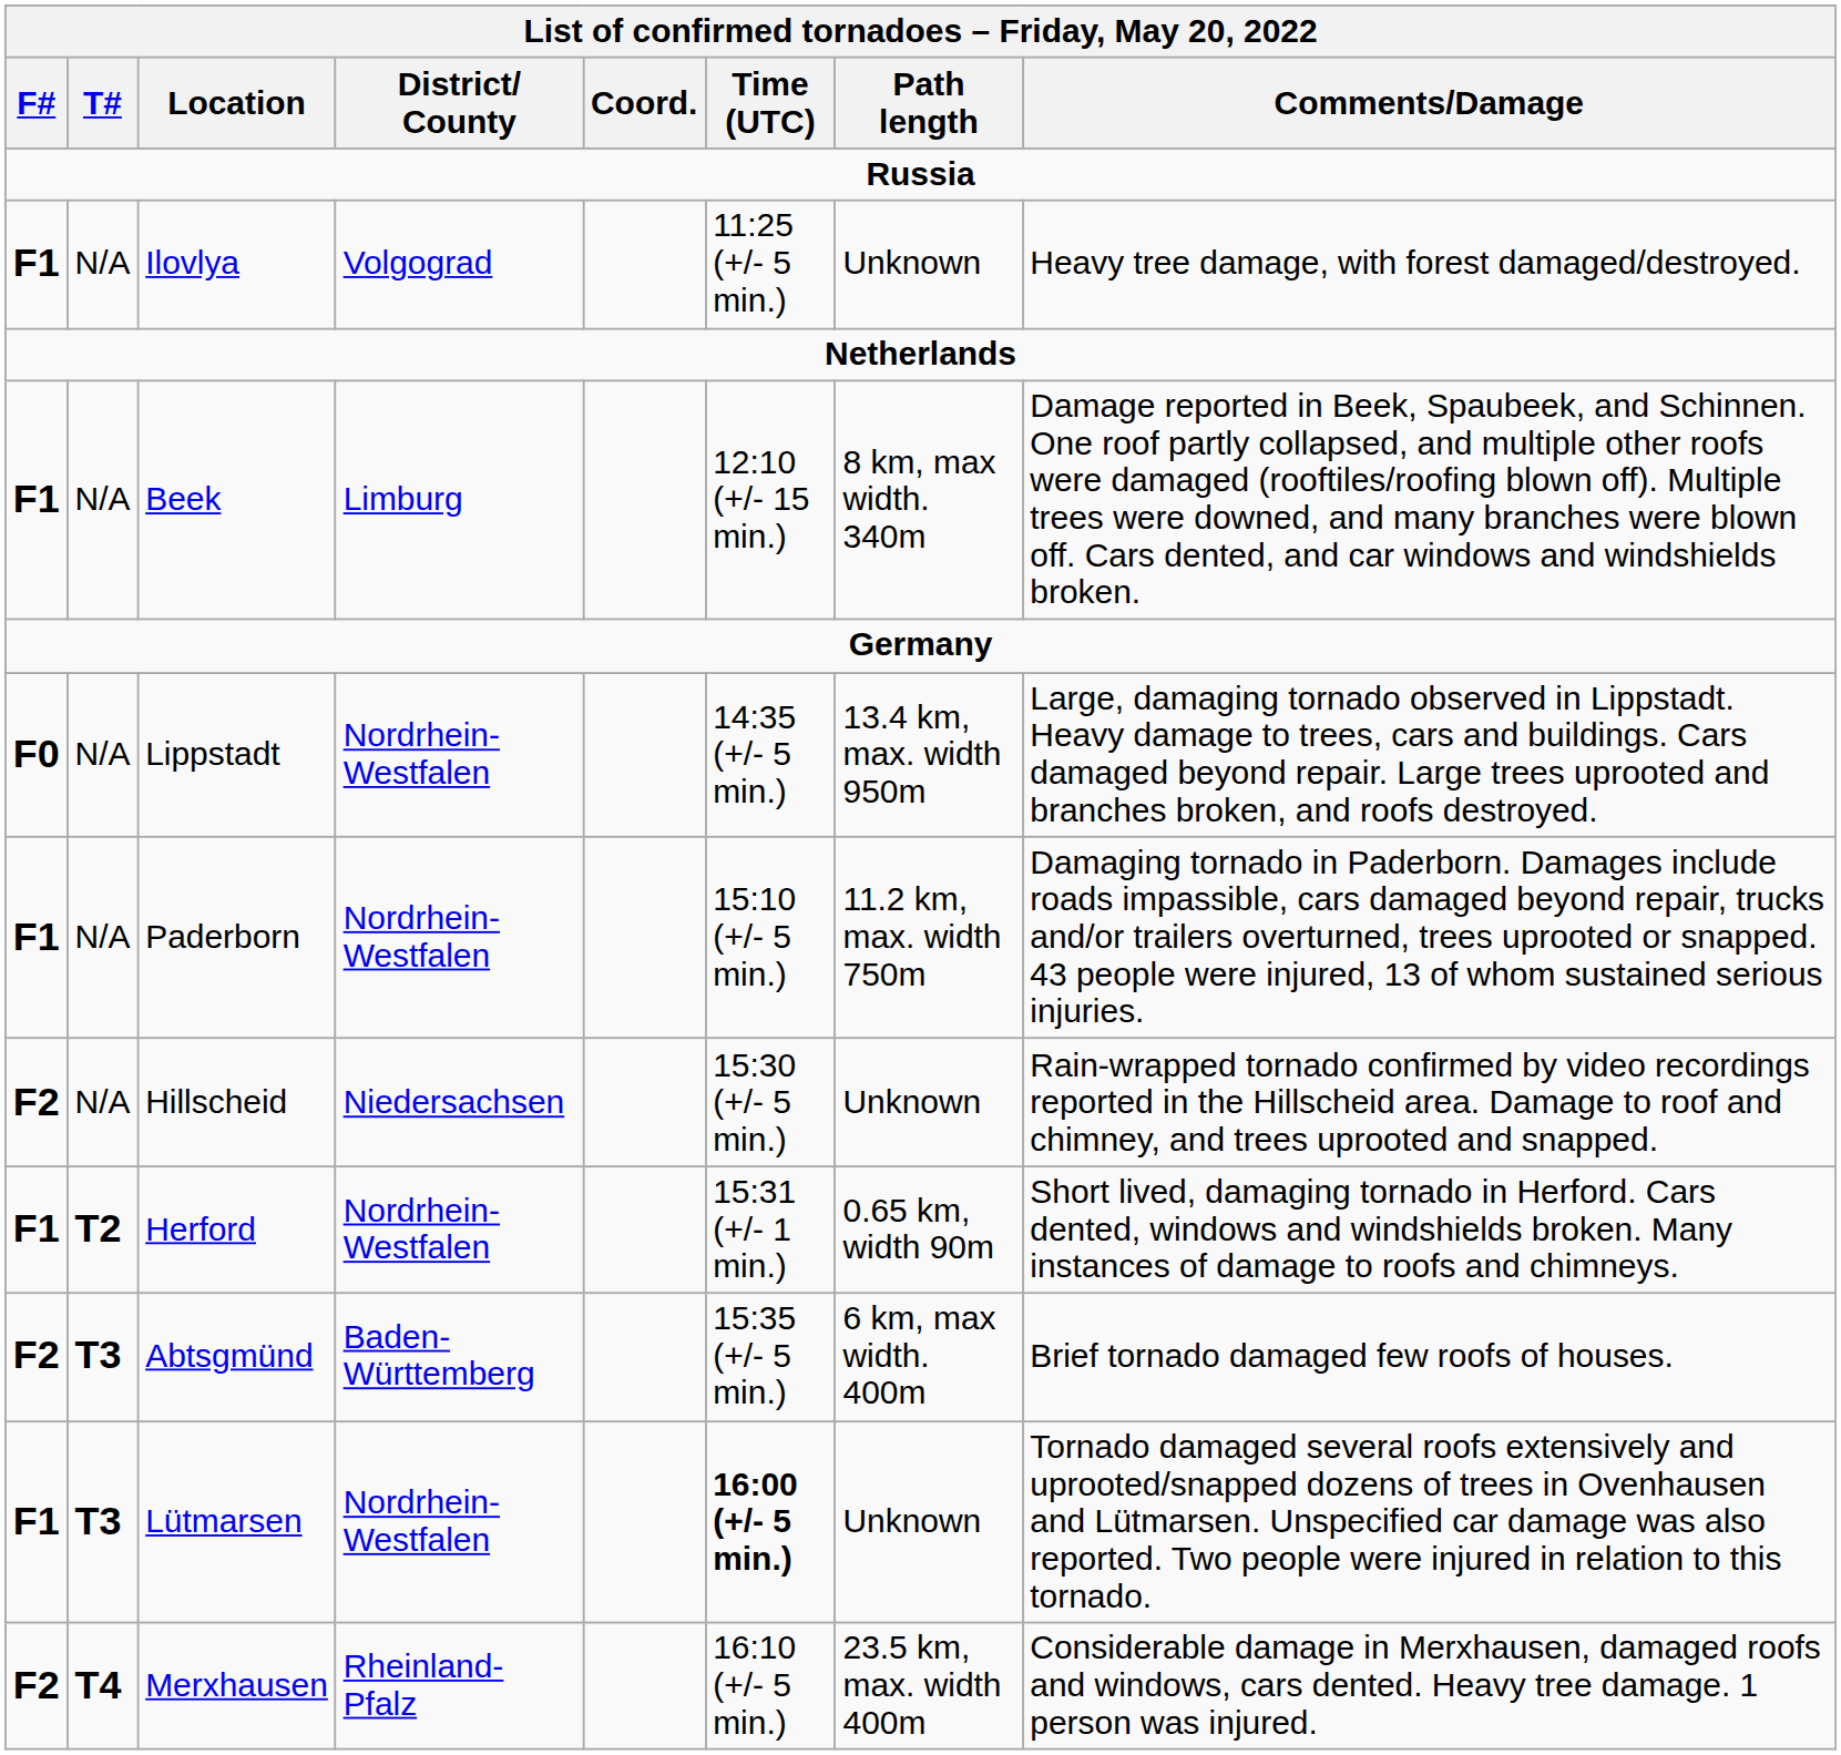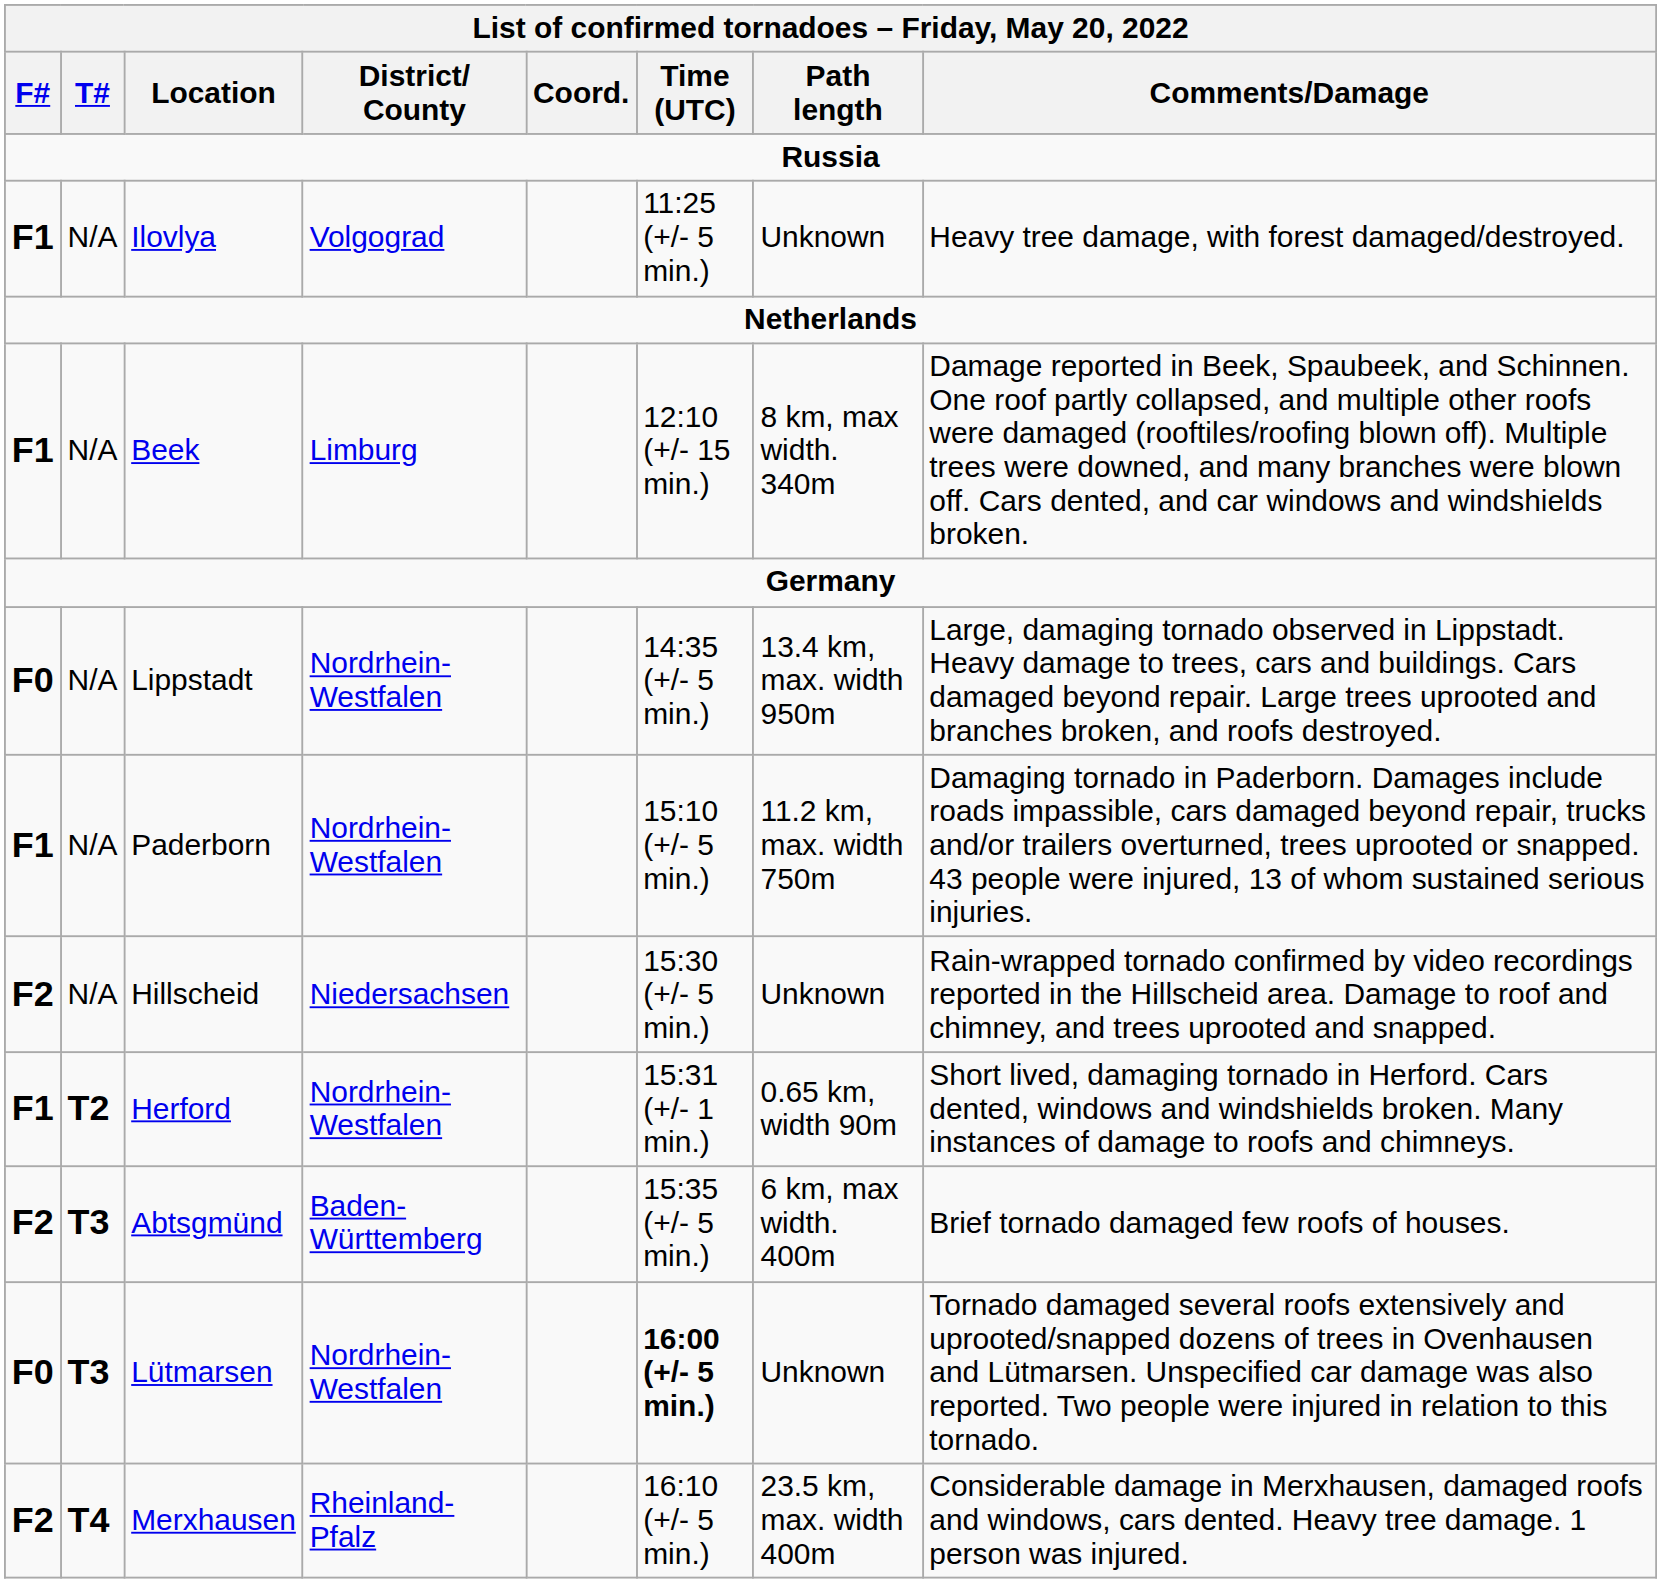 <table class="wikitable collapsible" width="100%">
 <tr>
 <th colspan="8">List of confirmed tornadoes – Friday, May 20, 2022</th>
 </tr>
 <tr>
 <th><a href='#'>F#</a></th>
 <th><a href='#'>T#</a></th>
 <th>Location</th>
 <th>District/<br>County</th>
 <th>Coord.</th>
 <th>Time (UTC)</th>
 <th>Path length</th>
 <th>Comments/Damage</th>
 </tr>
 <tr>
 <td colspan="8" align=center><strong>Russia</strong></td>
 </tr>
 <tr>
 <td><big><strong>F1</strong></big></td>
 <td>N/A</td>
 <td><a href='#'>Ilovlya</a></td>
 <td><a href='#'>Volgograd</a></td>
 <td></td>
 <td>11:25 (+/- 5 min.)</td>
 <td>Unknown</td>
 <td>Heavy tree damage, with forest damaged/destroyed.</td>
 </tr>
 <tr>
 <td colspan="8" align=center><strong>Netherlands</strong></td>
 </tr>
 <tr>
 <td><big><strong>F1</strong></big></td>
 <td>N/A</td>
 <td><a href='#'>Beek</a></td>
 <td><a href='#'>Limburg</a></td>
 <td></td>
 <td>12:10 (+/- 15 min.)</td>
 <td>8 km, max width. 340m</td>
 <td>Damage reported in Beek, Spaubeek, and Schinnen. One roof partly collapsed, and multiple other roofs were damaged (rooftiles/roofing blown off). Multiple trees were downed, and many branches were blown off. Cars dented, and car windows and windshields broken.</td>
 </tr>
 <tr>
 <td colspan="8" align=center><strong>Germany</strong></td>
 </tr>
 <tr>
 <td><big><strong>F0</strong></big></td>
 <td>N/A</td>
 <td>Lippstadt</td>
 <td><a href='#'>Nordrhein-Westfalen</a></td>
 <td></td>
 <td>14:35 (+/- 5 min.)</td>
 <td>13.4 km, max. width 950m</td>
 <td>Large, damaging tornado observed in Lippstadt. Heavy damage to trees, cars and buildings. Cars damaged beyond repair. Large trees uprooted and branches broken, and roofs destroyed.</td>
 </tr>
 <tr>
 <td><big><strong>F1</strong></big></td>
 <td>N/A</td>
 <td>Paderborn</td>
 <td><a href='#'>Nordrhein-Westfalen</a></td>
 <td></td>
 <td>15:10 (+/- 5 min.)</td>
 <td>11.2 km, max. width 750m</td>
 <td>Damaging tornado in Paderborn. Damages include roads impassible, cars damaged beyond repair, trucks and/or trailers overturned, trees uprooted or snapped. 43 people were injured, 13 of whom sustained serious injuries.</td>
 </tr>
 <tr>
 <td><big><strong>F2</strong></big></td>
 <td>N/A</td>
 <td>Hillscheid</td>
 <td><a href='#'>Niedersachsen</a></td>
 <td></td>
 <td>15:30 (+/- 5 min.)</td>
 <td>Unknown</td>
 <td>Rain-wrapped tornado confirmed by video recordings reported in the Hillscheid area. Damage to roof and chimney, and trees uprooted and snapped.</td>
 </tr>
 <tr>
 <td><big><strong>F1</strong></big></td>
 <td><big><strong>T2</strong></big></td>
 <td><a href='#'>Herford</a></td>
 <td><a href='#'>Nordrhein-Westfalen</a></td>
 <td></td>
 <td>15:31 (+/- 1 min.)</td>
 <td>0.65 km, width 90m</td>
 <td>Short lived, damaging tornado in Herford. Cars dented, windows and windshields broken. Many instances of damage to roofs and chimneys.</td>
 </tr>
 <tr>
 <td><big><strong>F2</strong></big></td>
 <td><big><strong>T3</strong></big></td>
 <td><a href='#'>Abtsgmünd</a></td>
 <td><a href='#'>Baden-Württemberg</a></td>
 <td></td>
 <td>15:35 (+/- 5 min.)</td>
 <td>6 km, max width. 400m</td>
 <td>Brief tornado damaged few roofs of houses.</td>
 </tr>
 <tr>
-<td><big><strong>F1</strong></big></td>
+<td><big><strong>F0</strong></big></td>
 <td><big><strong>T3</strong></big></td>
 <td><a href='#'>Lütmarsen</a></td>
 <td><a href='#'>Nordrhein-Westfalen</a></td>
 <td></td>
 <td><strong>16:00 (+/- 5 min.)</strong></td>
 <td>Unknown</td>
 <td>Tornado damaged several roofs extensively and uprooted/snapped dozens of trees in Ovenhausen and Lütmarsen. Unspecified car damage was also reported. Two people were injured in relation to this tornado.</td>
 </tr>
 <tr>
 <td><big><strong>F2</strong></big></td>
 <td><big><strong>T4</strong></big></td>
 <td><a href='#'>Merxhausen</a></td>
 <td><a href='#'>Rheinland-Pfalz</a></td>
 <td></td>
 <td>16:10 (+/- 5 min.)</td>
 <td>23.5 km, max. width 400m</td>
 <td>Considerable damage in Merxhausen, damaged roofs and windows, cars dented. Heavy tree damage. 1 person was injured.</td>
 </tr>
 </table>
